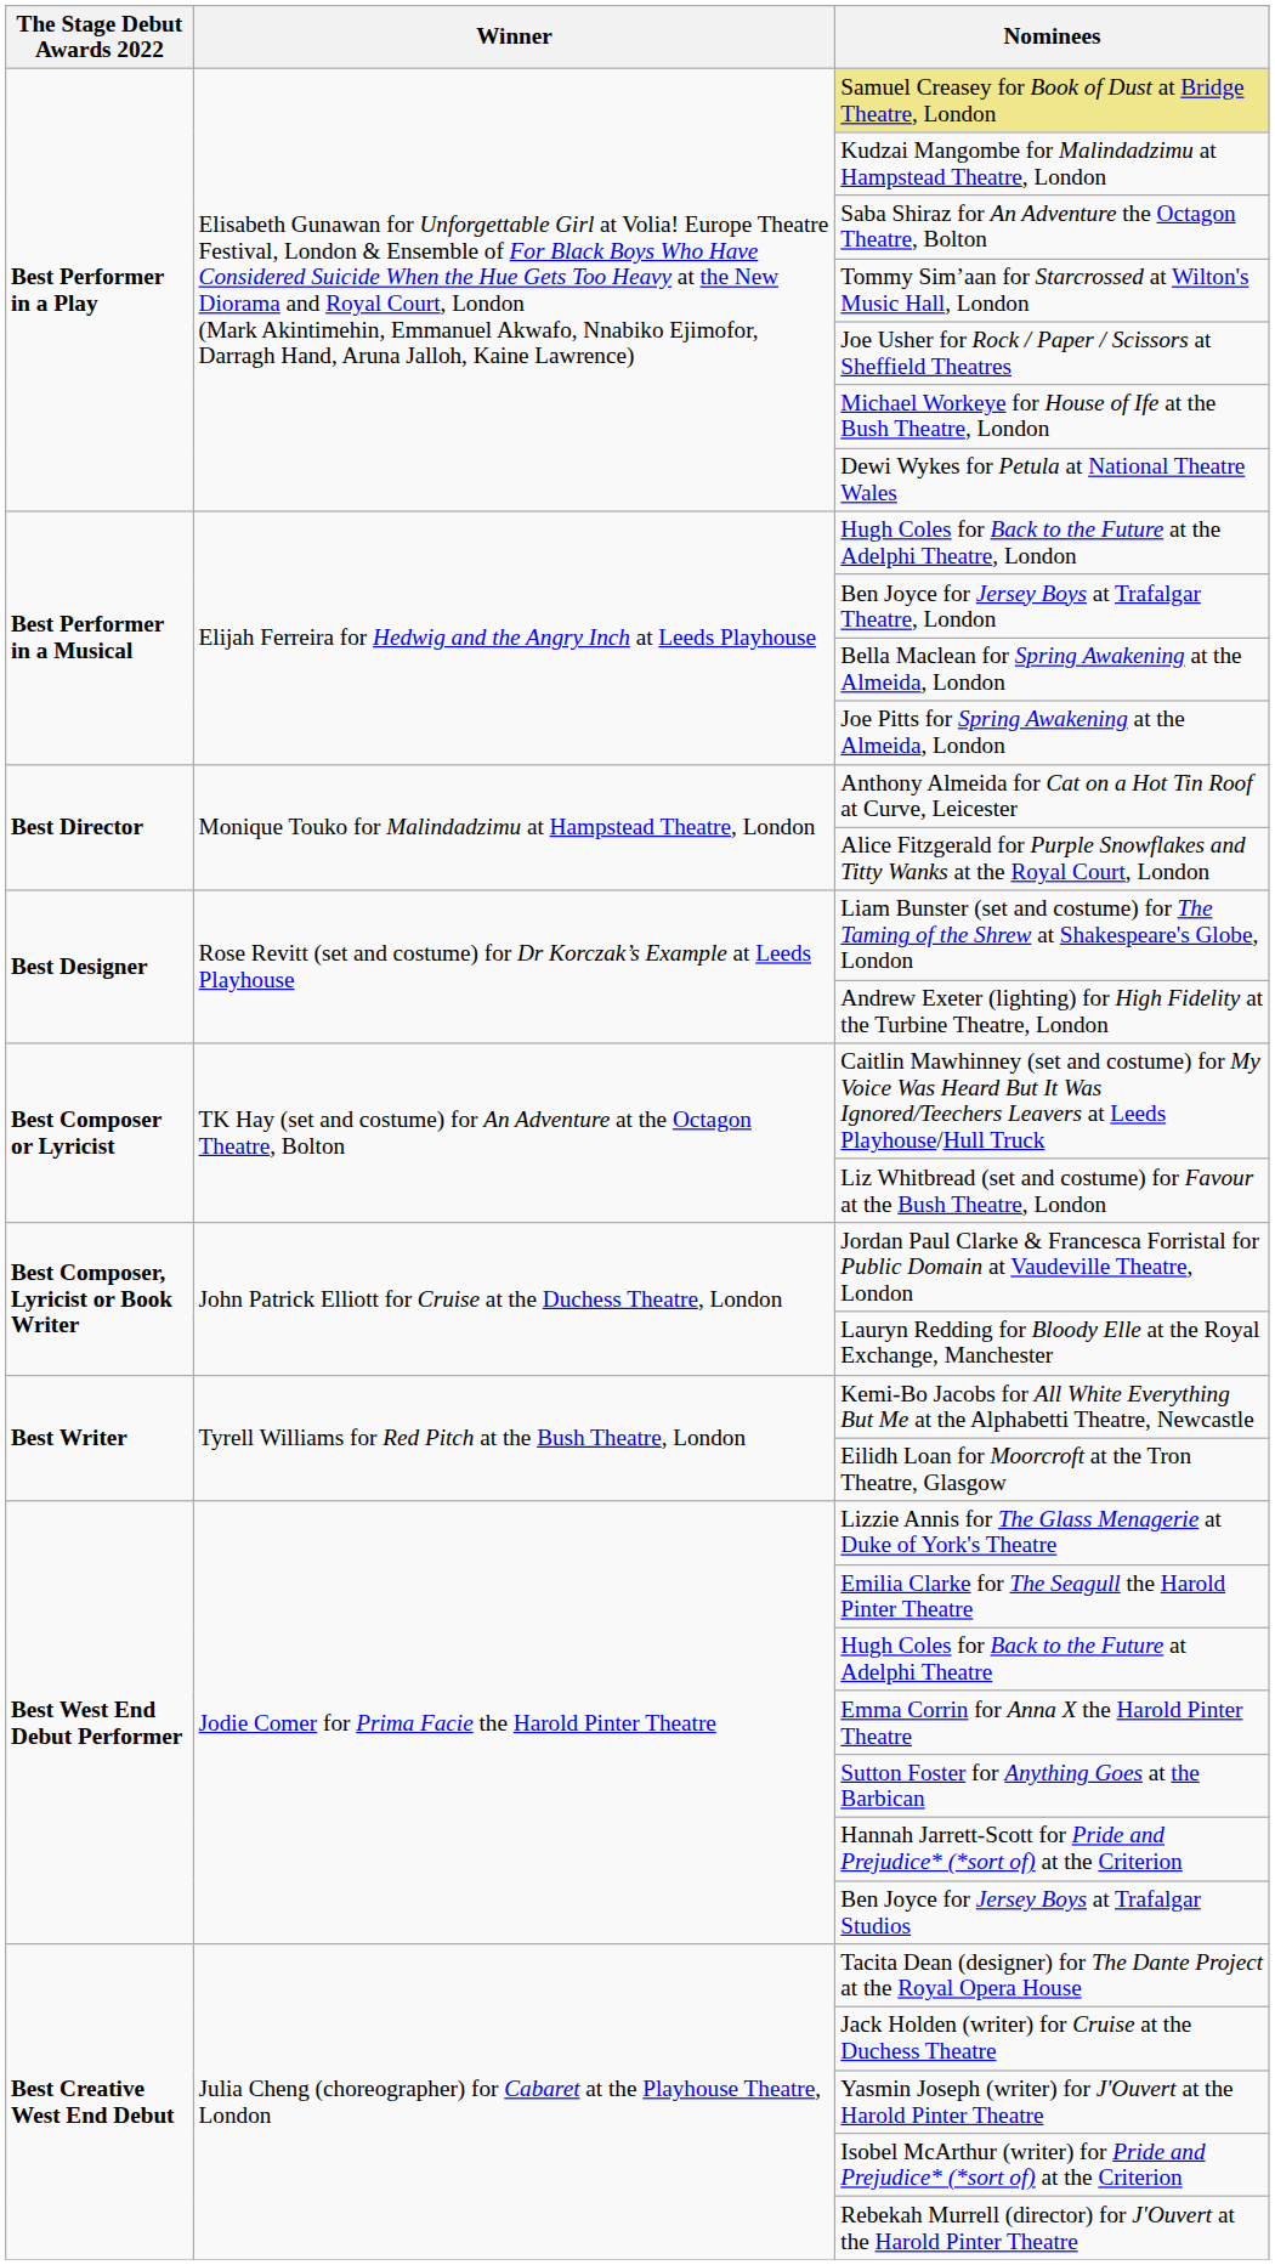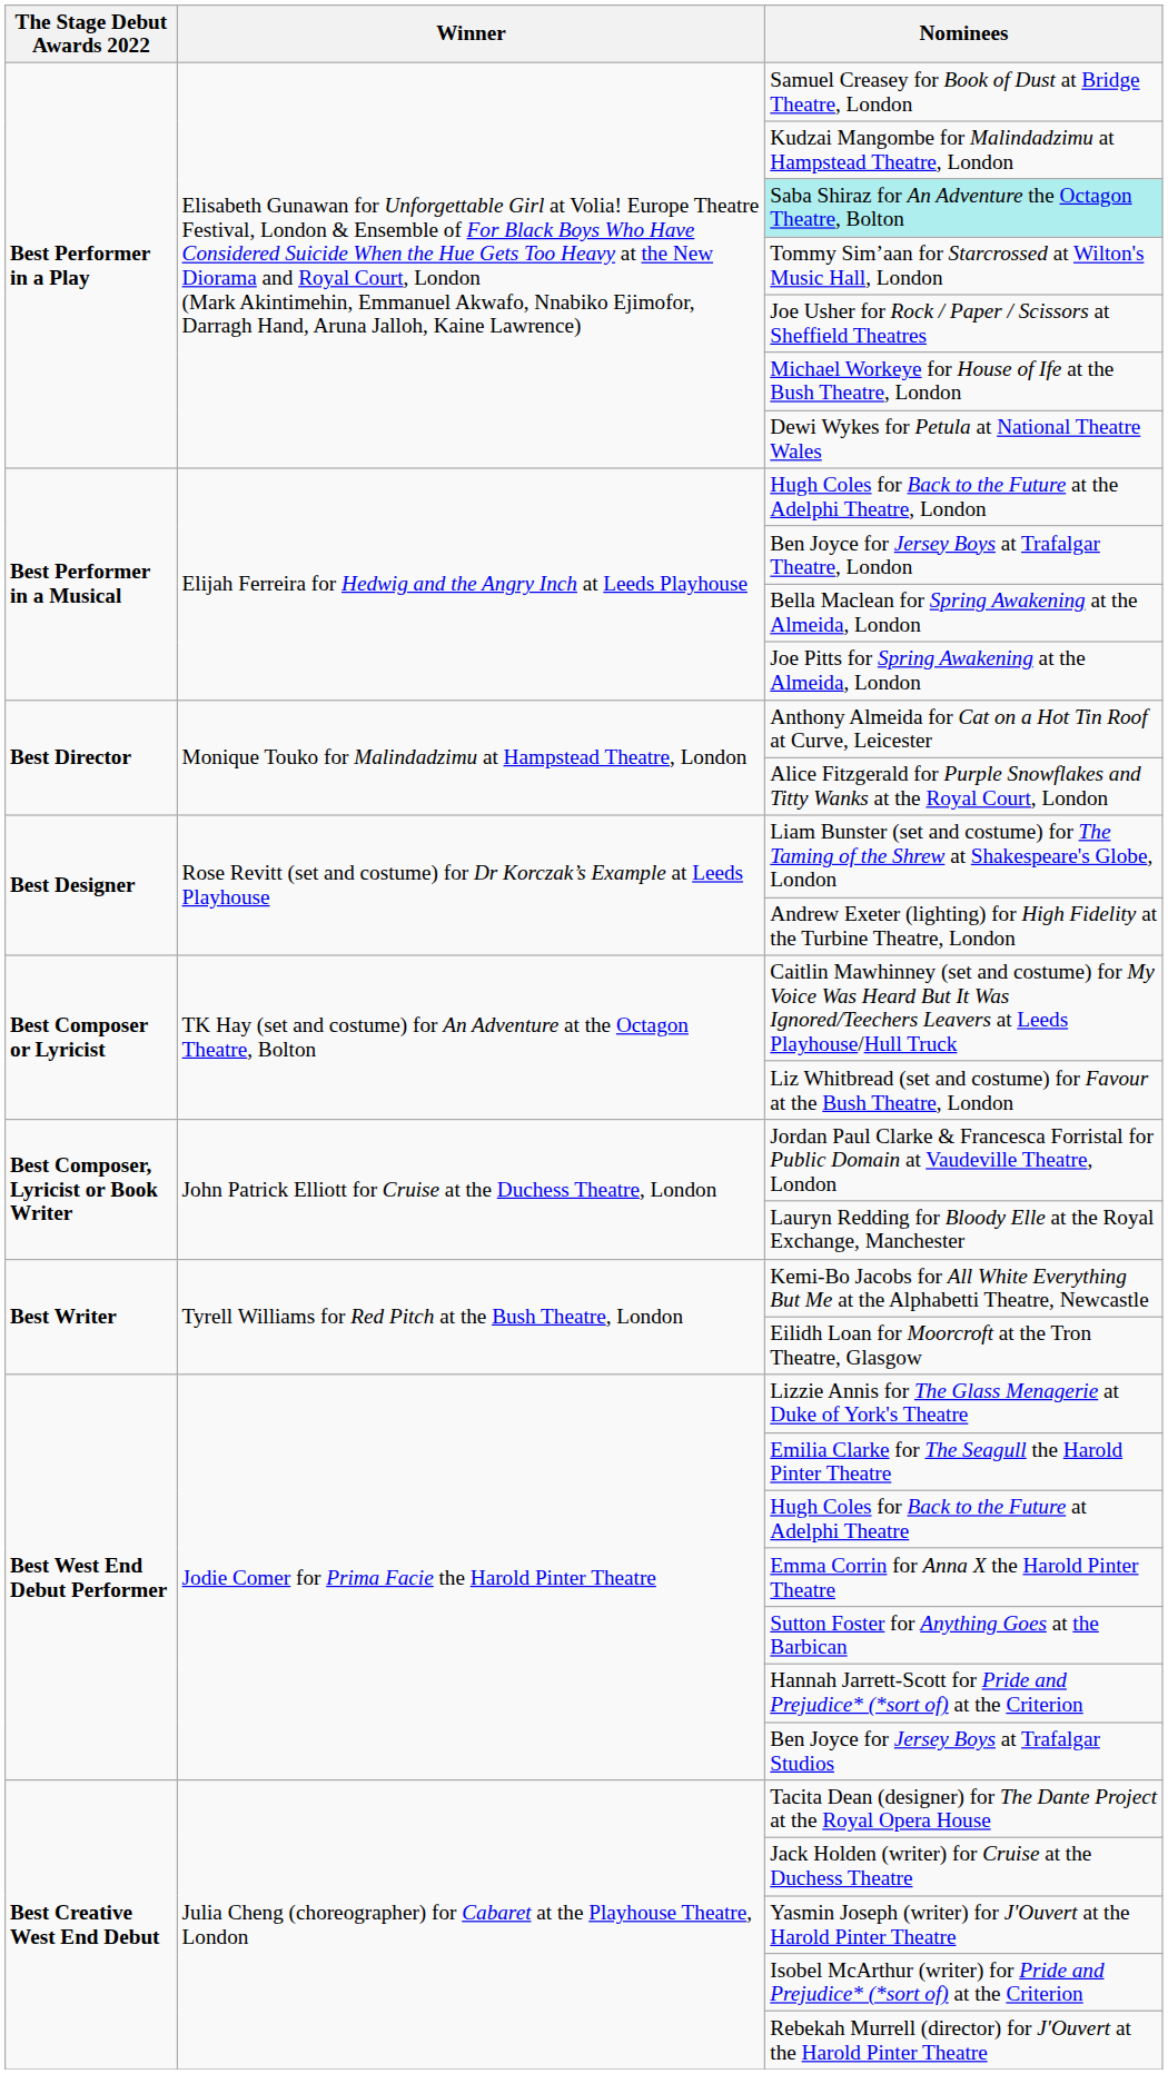 <table class="wikitable">
 <tr>
 <th>The Stage Debut Awards 2022</th>
 <th>Winner</th>
 <th>Nominees</th>
 </tr>
 <tr>
 <td rowspan="7"><strong>Best Performer in a Play</strong></td>
 <td rowspan="7">Elisabeth Gunawan for <em>Unforgettable Girl</em> at Volia! Europe Theatre Festival, London & Ensemble of <em><a href='#'>For Black Boys Who Have Considered Suicide When the Hue Gets Too Heavy</a></em> at <a href='#'>the New Diorama</a> and <a href='#'>Royal Court</a>, London<br>(Mark Akintimehin, Emmanuel Akwafo, Nnabiko Ejimofor, Darragh Hand, Aruna Jalloh, Kaine Lawrence)</td>
-<td style="background: khaki;">Samuel Creasey for <em>Book of Dust</em> at <a href='#'>Bridge Theatre</a>, London</td>
+<td>Samuel Creasey for <em>Book of Dust</em> at <a href='#'>Bridge Theatre</a>, London</td>
 </tr>
 <tr>
 <td>Kudzai Mangombe for <em>Malindadzimu</em> at <a href='#'>Hampstead Theatre</a>, London</td>
 </tr>
 <tr>
-<td>Saba Shiraz for <em>An Adventure</em> the <a href='#'>Octagon Theatre</a>, Bolton</td>
+<td style="background: paleturquoise;">Saba Shiraz for <em>An Adventure</em> the <a href='#'>Octagon Theatre</a>, Bolton</td>
 </tr>
 <tr>
 <td>Tommy Sim’aan for <em>Starcrossed</em> at <a href='#'>Wilton's Music Hall</a>, London</td>
 </tr>
 <tr>
 <td>Joe Usher for <em>Rock / Paper / Scissors</em> at <a href='#'>Sheffield Theatres</a></td>
 </tr>
 <tr>
 <td><a href='#'>Michael Workeye</a> for <em>House of Ife</em> at the <a href='#'>Bush Theatre</a>, London</td>
 </tr>
 <tr>
 <td>Dewi Wykes for <em>Petula</em> at <a href='#'>National Theatre Wales</a></td>
 </tr>
 <tr>
 <td rowspan="4"><strong>Best Performer in a Musical</strong></td>
 <td rowspan="4">Elijah Ferreira for <em><a href='#'>Hedwig and the Angry Inch</a></em> at <a href='#'>Leeds Playhouse</a></td>
 <td><a href='#'>Hugh Coles</a> for <em><a href='#'>Back to the Future</a></em> at the <a href='#'>Adelphi Theatre</a>, London</td>
 </tr>
 <tr>
 <td>Ben Joyce for <em><a href='#'>Jersey Boys</a></em> at <a href='#'>Trafalgar Theatre</a>, London</td>
 </tr>
 <tr>
 <td>Bella Maclean for <em><a href='#'>Spring Awakening</a></em> at the <a href='#'>Almeida</a>, London</td>
 </tr>
 <tr>
 <td>Joe Pitts for <em><a href='#'>Spring Awakening</a></em> at the <a href='#'>Almeida</a>, London</td>
 </tr>
 <tr>
 <td rowspan="2"><strong>Best Director</strong></td>
 <td rowspan="2">Monique Touko for <em>Malindadzimu</em> at <a href='#'>Hampstead Theatre</a>, London</td>
 <td>Anthony Almeida for <em>Cat on a Hot Tin Roof</em> at Curve, Leicester</td>
 </tr>
 <tr>
 <td>Alice Fitzgerald for <em>Purple Snowflakes and Titty Wanks</em> at the <a href='#'>Royal Court</a>, London</td>
 </tr>
 <tr>
 <td rowspan="2"><strong>Best Designer</strong></td>
 <td rowspan="2">Rose Revitt (set and costume) for <em>Dr Korczak’s Example</em> at <a href='#'>Leeds Playhouse</a></td>
 <td>Liam Bunster (set and costume) for <em><a href='#'>The Taming of the Shrew</a></em> at <a href='#'>Shakespeare's Globe</a>, London</td>
 </tr>
 <tr>
 <td>Andrew Exeter (lighting) for <em>High Fidelity</em> at the Turbine Theatre, London</td>
 </tr>
 <tr>
 <td rowspan="2"><strong>Best Composer or Lyricist</strong></td>
 <td rowspan="2">TK Hay (set and costume) for <em>An Adventure</em> at the <a href='#'>Octagon Theatre</a>, Bolton</td>
 <td>Caitlin Mawhinney (set and costume) for <em>My Voice Was Heard But It Was Ignored/Teechers Leavers</em> at <a href='#'>Leeds Playhouse</a>/<a href='#'>Hull Truck</a></td>
 </tr>
 <tr>
 <td>Liz Whitbread (set and costume) for <em>Favour</em> at the <a href='#'>Bush Theatre</a>, London</td>
 </tr>
 <tr>
 <td rowspan="2"><strong>Best Composer, Lyricist or Book Writer</strong></td>
 <td rowspan="2">John Patrick Elliott for <em>Cruise</em> at the <a href='#'>Duchess Theatre</a>, London</td>
 <td>Jordan Paul Clarke & Francesca Forristal for <em>Public Domain</em> at <a href='#'>Vaudeville Theatre</a>, London</td>
 </tr>
 <tr>
 <td>Lauryn Redding for <em>Bloody Elle</em> at the Royal Exchange, Manchester</td>
 </tr>
 <tr>
 <td rowspan="2"><strong>Best Writer</strong></td>
 <td rowspan="2">Tyrell Williams for <em>Red Pitch</em> at the <a href='#'>Bush Theatre</a>, London</td>
 <td>Kemi-Bo Jacobs for <em>All White Everything But Me</em> at the Alphabetti Theatre, Newcastle</td>
 </tr>
 <tr>
 <td>Eilidh Loan for <em>Moorcroft</em> at the Tron Theatre, Glasgow</td>
 </tr>
 <tr>
 <td rowspan="7"><strong>Best West End Debut Performer</strong></td>
 <td rowspan="7"><a href='#'>Jodie Comer</a> for <em><a href='#'>Prima Facie</a></em> the <a href='#'>Harold Pinter Theatre</a></td>
 <td>Lizzie Annis for <em><a href='#'>The Glass Menagerie</a></em> at <a href='#'>Duke of York's Theatre</a></td>
 </tr>
 <tr>
 <td><a href='#'>Emilia Clarke</a> for <em><a href='#'>The Seagull</a></em> the <a href='#'>Harold Pinter Theatre</a></td>
 </tr>
 <tr>
 <td><a href='#'>Hugh Coles</a> for <em><a href='#'>Back to the Future</a></em> at <a href='#'>Adelphi Theatre</a></td>
 </tr>
 <tr>
 <td><a href='#'>Emma Corrin</a> for <em>Anna X</em> the <a href='#'>Harold Pinter Theatre</a></td>
 </tr>
 <tr>
 <td><a href='#'>Sutton Foster</a> for <em><a href='#'>Anything Goes</a></em> at <a href='#'>the Barbican</a></td>
 </tr>
 <tr>
 <td>Hannah Jarrett-Scott for <em><a href='#'>Pride and Prejudice* (*sort of)</a></em> at the <a href='#'>Criterion</a></td>
 </tr>
 <tr>
 <td>Ben Joyce for <em><a href='#'>Jersey Boys</a></em> at <a href='#'>Trafalgar Studios</a></td>
 </tr>
 <tr>
 <td rowspan="5"><strong>Best Creative West End Debut</strong></td>
 <td rowspan="5">Julia Cheng (choreographer) for <em><a href='#'>Cabaret</a></em> at the <a href='#'>Playhouse Theatre</a>, London</td>
 <td>Tacita Dean (designer) for <em>The Dante Project</em> at the <a href='#'>Royal Opera House</a></td>
 </tr>
 <tr>
 <td>Jack Holden (writer) for <em>Cruise</em> at the <a href='#'>Duchess Theatre</a></td>
 </tr>
 <tr>
 <td>Yasmin Joseph (writer) for <em>J'Ouvert</em> at the <a href='#'>Harold Pinter Theatre</a></td>
 </tr>
 <tr>
 <td>Isobel McArthur (writer) for <em><a href='#'>Pride and Prejudice* (*sort of)</a></em> at the <a href='#'>Criterion</a></td>
 </tr>
 <tr>
 <td>Rebekah Murrell (director) for <em>J'Ouvert</em> at the <a href='#'>Harold Pinter Theatre</a></td>
 </tr>
 </table>
